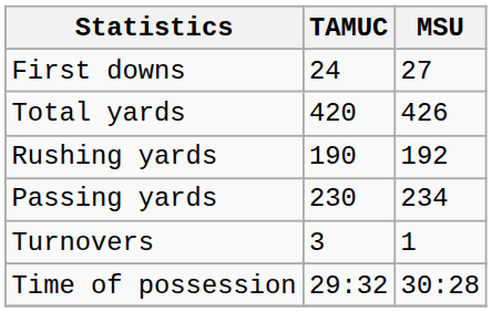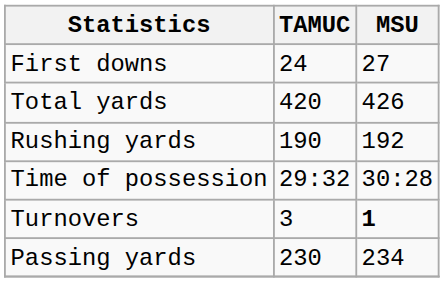 <table class="wikitable" style="float: left;">
 <tr>
 <th>Statistics</th>
 <th>TAMUC</th>
 <th>MSU</th>
 </tr>
 <tr>
 <td>First downs</td>
 <td>24</td>
 <td>27</td>
 </tr>
 <tr>
 <td>Total yards</td>
 <td>420</td>
 <td>426</td>
 </tr>
 <tr>
 <td>Rushing yards</td>
 <td>190</td>
 <td>192</td>
 </tr>
 <tr>
+<td>Time of possession</td>
+<td>29:32</td>
+<td>30:28</td>
+</tr>
+<tr>
+<td>Turnovers</td>
+<td>3</td>
+<td><strong>1</strong></td>
+</tr>
+<tr>
 <td>Passing yards</td>
 <td>230</td>
 <td>234</td>
 </tr>
 <tr>
-<td>Turnovers</td>
-<td>3</td>
-<td>1</td>
-</tr>
-<tr>
-<td>Time of possession</td>
-<td>29:32</td>
-<td>30:28</td>
-</tr>
-<tr>
 </tr>
 </table>
